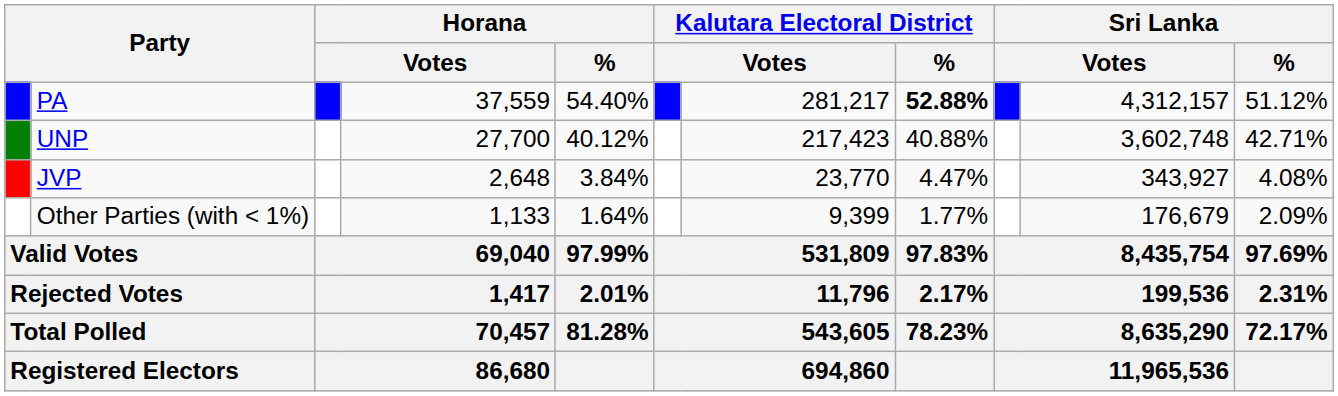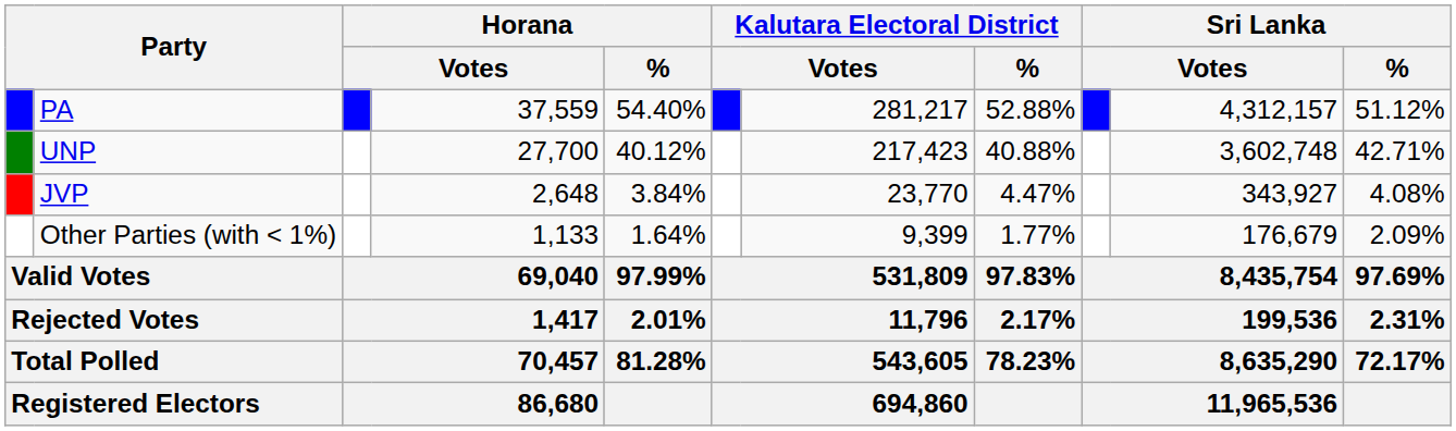 <table class="wikitable">
 <tr>
 <th colspan="2" width="144px"rowspan="2">Party</th>
 <th colspan="3" width="216px">Horana</th>
 <th colspan="3" width="216px"><a href='#'>Kalutara Electoral District</a></th>
 <th colspan="3" width="216px">Sri Lanka</th>
 </tr>
 <tr>
 <th colspan="2" width="144px">Votes</th>
 <th>%</th>
 <th colspan="2" width="144px">Votes</th>
 <th>%</th>
 <th colspan="2" width="144px">Votes</th>
 <th>%</th>
 </tr>
 <tr>
 <td style="background-color:blue;" width="10px"></td>
 <td style="text-align:left;"><a href='#'>PA</a></td>
 <td style="background-color:blue;" width="10px"></td>
 <td style="text-align:right;">37,559</td>
 <td style="text-align:right;">54.40%</td>
 <td style="background-color:blue;" width="10px"></td>
 <td style="text-align:right;">281,217</td>
-<td style="text-align:right;"><strong>52.88%</strong></td>
+<td style="text-align:right;">52.88%</td>
 <td style="background-color:blue;" width="10px"></td>
 <td style="text-align:right;">4,312,157</td>
 <td style="text-align:right;">51.12%</td>
 </tr>
 <tr>
 <td style="background-color:green;" width="10px"></td>
 <td style="text-align:left;"><a href='#'>UNP</a></td>
 <td style="background-color:white;" width="10px"></td>
 <td style="text-align:right;">27,700</td>
 <td style="text-align:right;">40.12%</td>
 <td style="background-color:white;" width="10px"></td>
 <td style="text-align:right;">217,423</td>
 <td style="text-align:right;">40.88%</td>
 <td style="background-color:white;" width="10px"></td>
 <td style="text-align:right;">3,602,748</td>
 <td style="text-align:right;">42.71%</td>
 </tr>
 <tr>
 <td style="background-color:red;" width="10px"></td>
 <td style="text-align:left;"><a href='#'>JVP</a></td>
 <td style="background-color:white;" width="10px"></td>
 <td style="text-align:right;">2,648</td>
 <td style="text-align:right;">3.84%</td>
 <td style="background-color:white;" width="10px"></td>
 <td style="text-align:right;">23,770</td>
 <td style="text-align:right;">4.47%</td>
 <td style="background-color:white;" width="10px"></td>
 <td style="text-align:right;">343,927</td>
 <td style="text-align:right;">4.08%</td>
 </tr>
 <tr>
 <td style="background-color:white;" width="10px"></td>
 <td style="text-align:left;">Other Parties (with < 1%)</td>
 <td style="background-color:white;" width="10px"></td>
 <td style="text-align:right;">1,133</td>
 <td style="text-align:right;">1.64%</td>
 <td style="background-color:white;" width="10px"></td>
 <td style="text-align:right;">9,399</td>
 <td style="text-align:right;">1.77%</td>
 <td style="background-color:white;" width="10px"></td>
 <td style="text-align:right;">176,679</td>
 <td style="text-align:right;">2.09%</td>
 </tr>
 <tr>
 <th colspan="2" width="144px"style="text-align:left;">Valid Votes</th>
 <th style="text-align:right;"colspan="2" width="144px">69,040</th>
 <th style="text-align:right;">97.99%</th>
 <th style="text-align:right;"colspan="2" width="144px">531,809</th>
 <th style="text-align:right;">97.83%</th>
 <th style="text-align:right;"colspan="2" width="144px">8,435,754</th>
 <th style="text-align:right;">97.69%</th>
 </tr>
 <tr>
 <th colspan="2" width="144px"style="text-align:left;">Rejected Votes</th>
 <th style="text-align:right;"colspan="2" width="144px">1,417</th>
 <th style="text-align:right;">2.01%</th>
 <th style="text-align:right;"colspan="2" width="144px">11,796</th>
 <th style="text-align:right;">2.17%</th>
 <th style="text-align:right;"colspan="2" width="144px">199,536</th>
 <th style="text-align:right;">2.31%</th>
 </tr>
 <tr>
 <th colspan="2" width="144px"style="text-align:left;">Total Polled</th>
 <th style="text-align:right;"colspan="2" width="144px">70,457</th>
 <th style="text-align:right;">81.28%</th>
 <th style="text-align:right;"colspan="2" width="144px">543,605</th>
 <th style="text-align:right;">78.23%</th>
 <th style="text-align:right;"colspan="2" width="144px">8,635,290</th>
 <th style="text-align:right;">72.17%</th>
 </tr>
 <tr>
 <th colspan="2" width="144px"style="text-align:left;">Registered Electors</th>
 <th style="text-align:right;"colspan="2" width="144px">86,680</th>
 <th></th>
 <th style="text-align:right;"colspan="2" width="144px">694,860</th>
 <th></th>
 <th style="text-align:right;"colspan="2" width="144px">11,965,536</th>
 <th></th>
 </tr>
 </table>
